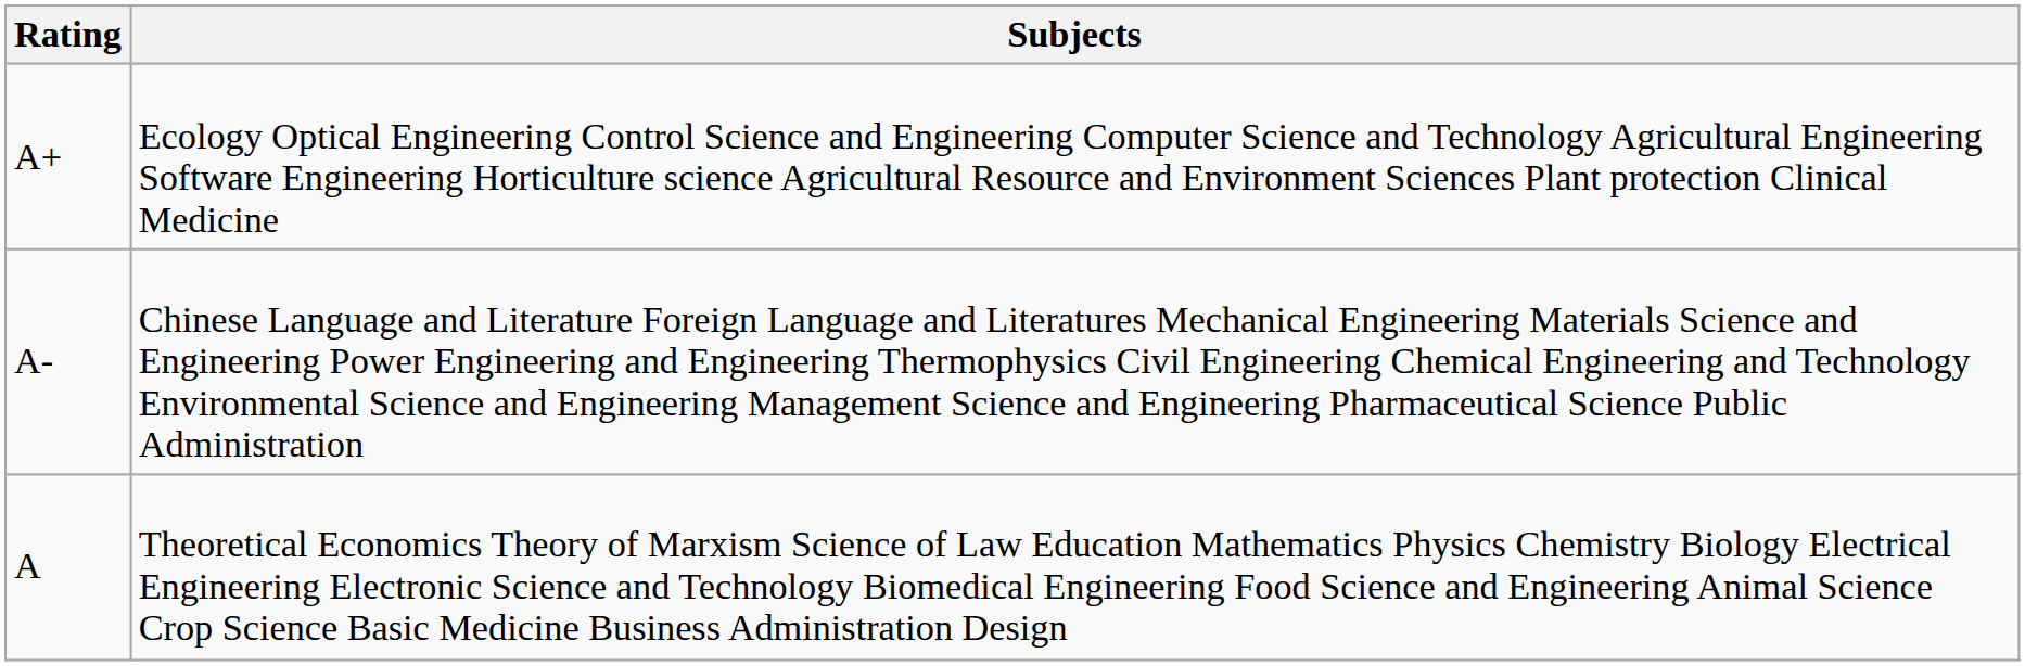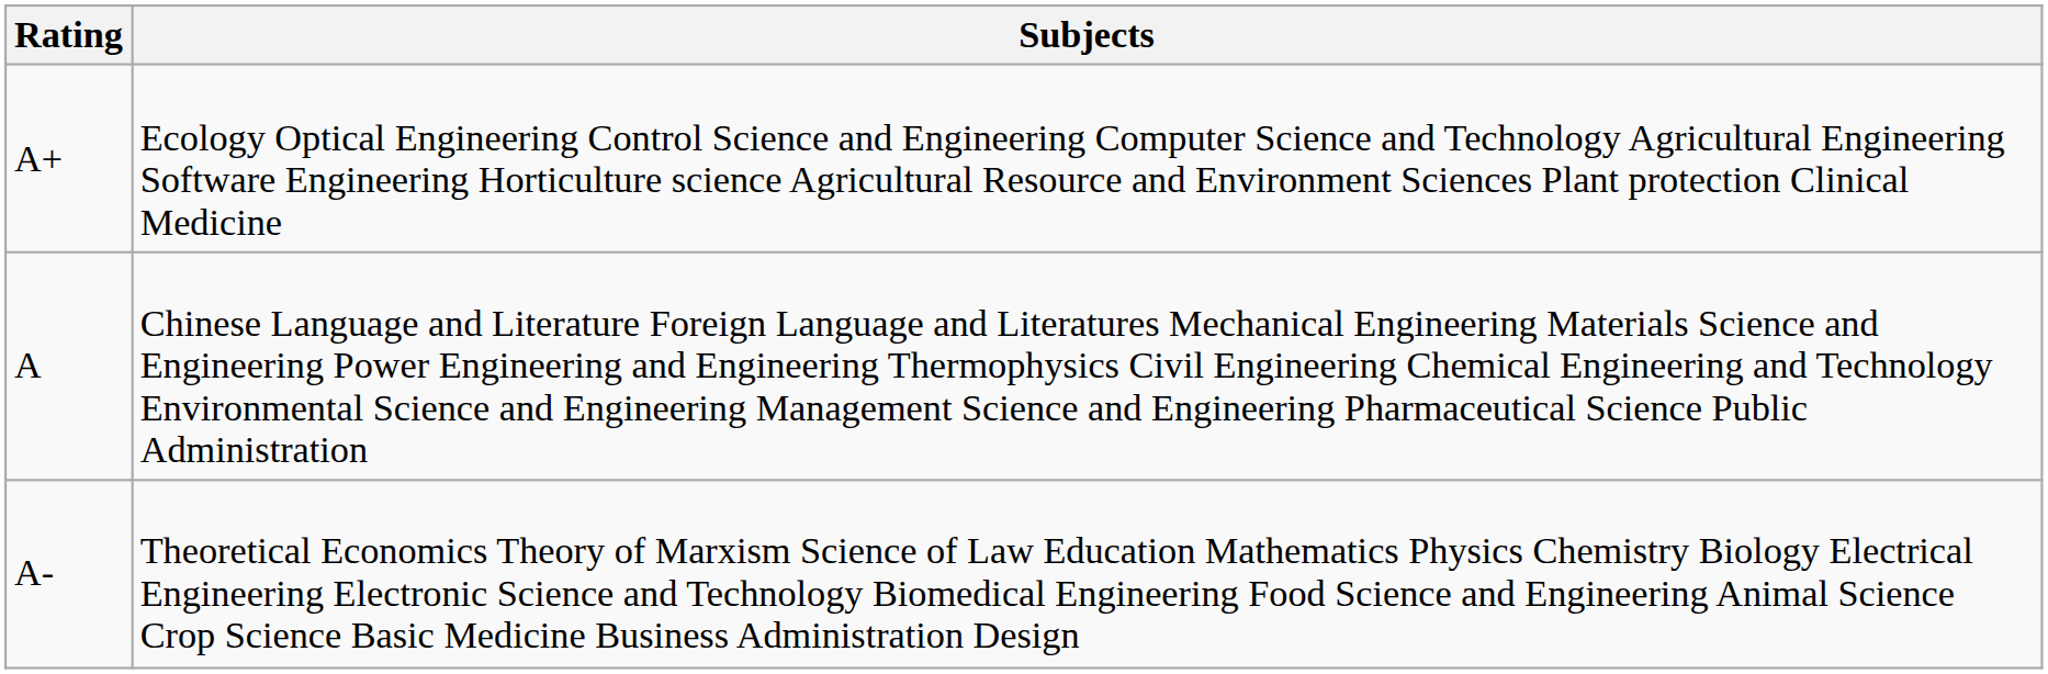 <table class="wikitable + sortable">
 <tr>
 <th>Rating</th>
 <th>Subjects</th>
 </tr>
 <tr>
 <td>A+</td>
 <td><br>Ecology Optical Engineering Control Science and Engineering Computer Science and Technology Agricultural Engineering Software Engineering Horticulture science Agricultural Resource and Environment Sciences Plant protection Clinical Medicine</td>
 </tr>
 <tr>
-<td>A-</td>
+<td>A</td>
 <td><br>Chinese Language and Literature Foreign Language and Literatures Mechanical Engineering Materials Science and Engineering Power Engineering and Engineering Thermophysics Civil Engineering Chemical Engineering and Technology Environmental Science and Engineering Management Science and Engineering Pharmaceutical Science Public Administration</td>
 </tr>
 <tr>
-<td>A</td>
+<td>A-</td>
 <td><br>Theoretical Economics Theory of Marxism Science of Law Education Mathematics Physics Chemistry Biology Electrical Engineering Electronic Science and Technology Biomedical Engineering Food Science and Engineering Animal Science Crop Science Basic Medicine Business Administration Design</td>
 </tr>
 </table>
